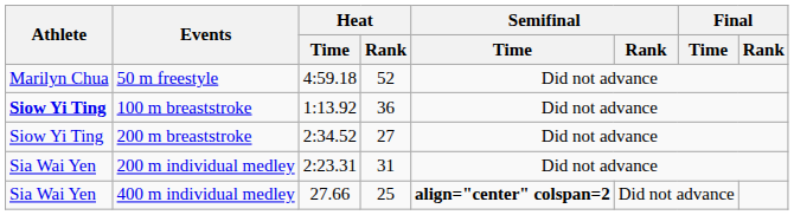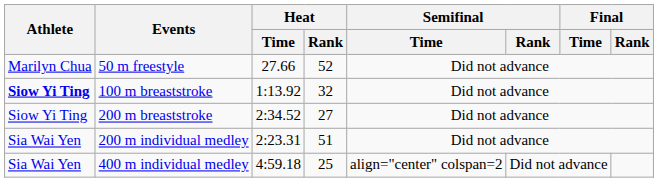 <table class=wikitable style="font-size:90%">
 <tr>
 <th rowspan="2">Athlete</th>
 <th rowspan="2">Events</th>
 <th colspan="2">Heat</th>
 <th colspan="2">Semifinal</th>
 <th colspan="2">Final</th>
 </tr>
 <tr>
 <th>Time</th>
 <th>Rank</th>
 <th>Time</th>
 <th>Rank</th>
 <th>Time</th>
 <th>Rank</th>
 </tr>
 <tr>
 <td><a href='#'>Marilyn Chua</a></td>
 <td><a href='#'>50 m freestyle</a></td>
-<td align="center">4:59.18</td>
+<td align="center">27.66</td>
 <td align="center">52</td>
 <td align="center" colspan=4>Did not advance</td>
 </tr>
 <tr>
 <td><strong><a href='#'>Siow Yi Ting</a></strong></td>
 <td><a href='#'>100 m breaststroke</a></td>
 <td align="center">1:13.92</td>
-<td align="center">36</td>
+<td align="center">32</td>
 <td align="center" colspan=4>Did not advance</td>
 </tr>
 <tr>
 <td><a href='#'>Siow Yi Ting</a></td>
 <td><a href='#'>200 m breaststroke</a></td>
 <td align="center">2:34.52</td>
 <td align="center">27</td>
 <td align="center" colspan=4>Did not advance</td>
 </tr>
 <tr>
 <td><a href='#'>Sia Wai Yen</a></td>
 <td><a href='#'>200 m individual medley</a></td>
 <td align="center">2:23.31</td>
-<td align="center">31</td>
+<td align="center">51</td>
 <td align="center" colspan=4>Did not advance</td>
 </tr>
 <tr>
 <td><a href='#'>Sia Wai Yen</a></td>
 <td><a href='#'>400 m individual medley</a></td>
-<td align="center">27.66</td>
+<td align="center">4:59.18</td>
 <td align="center">25</td>
-<td><strong>align="center" colspan=2 </strong></td>
+<td>align="center" colspan=2 </td>
 <td align="center" colspan=2>Did not advance</td>
 </tr>
 </table>
